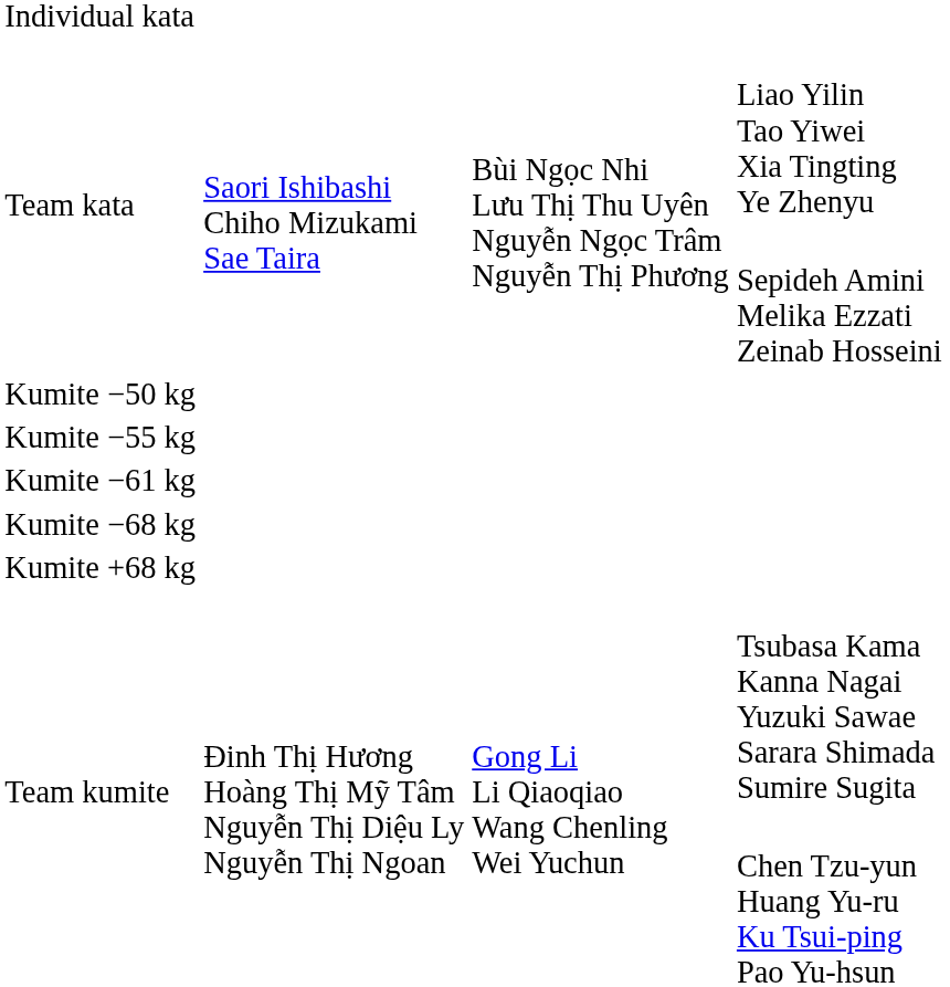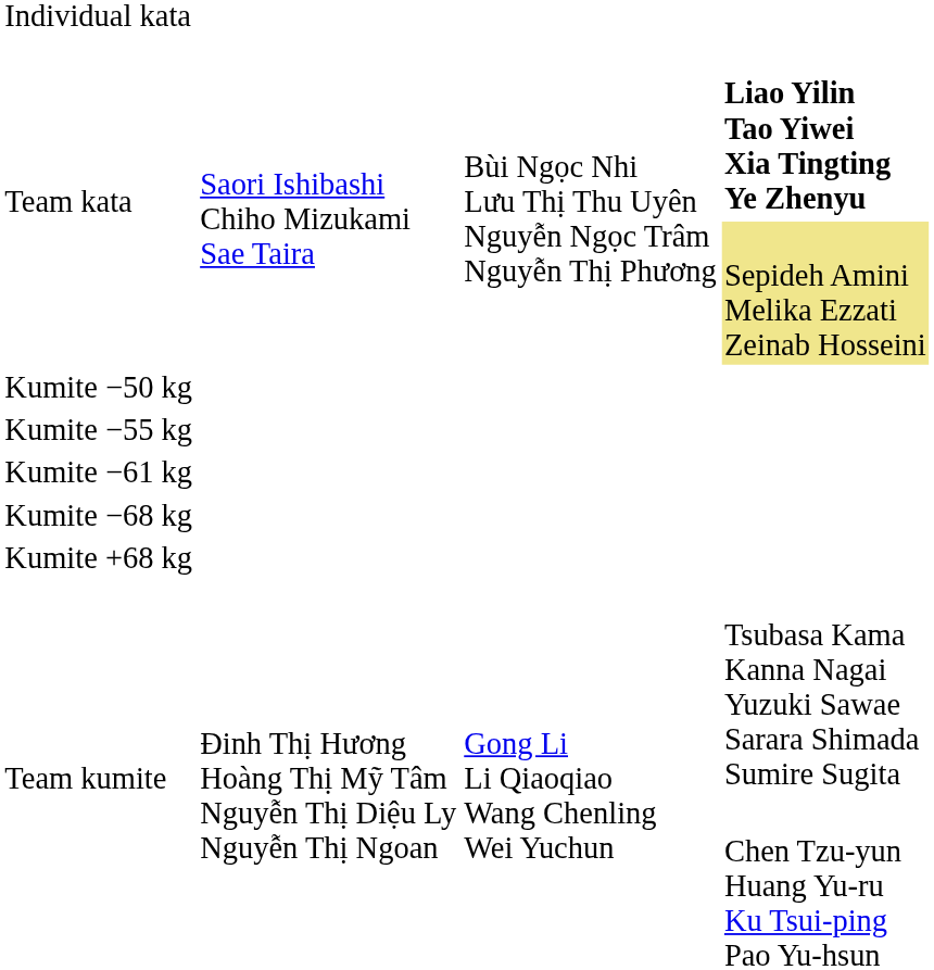 <table>
 <tr>
 <td rowspan=2>Individual kata</td>
 <td rowspan=2></td>
 <td rowspan=2></td>
 <td></td>
 </tr>
 <tr>
 <td></td>
 </tr>
 <tr>
 <td rowspan=2>Team kata</td>
 <td rowspan=2><br><a href='#'>Saori Ishibashi</a><br>Chiho Mizukami<br><a href='#'>Sae Taira</a></td>
 <td rowspan=2><br>Bùi Ngọc Nhi<br>Lưu Thị Thu Uyên<br>Nguyễn Ngọc Trâm<br>Nguyễn Thị Phương</td>
-<td><br>Liao Yilin<br>Tao Yiwei<br>Xia Tingting<br>Ye Zhenyu</td>
+<td><strong><br>Liao Yilin<br>Tao Yiwei<br>Xia Tingting<br>Ye Zhenyu</strong></td>
 </tr>
 <tr>
-<td><br>Sepideh Amini<br>Melika Ezzati<br>Zeinab Hosseini</td>
+<td style="background: khaki;"><br>Sepideh Amini<br>Melika Ezzati<br>Zeinab Hosseini</td>
 </tr>
 <tr>
 <td rowspan=2>Kumite −50 kg</td>
 <td rowspan=2></td>
 <td rowspan=2></td>
 <td></td>
 </tr>
 <tr>
 <td></td>
 </tr>
 <tr>
 <td rowspan=2>Kumite −55 kg</td>
 <td rowspan=2></td>
 <td rowspan=2></td>
 <td></td>
 </tr>
 <tr>
 <td></td>
 </tr>
 <tr>
 <td rowspan=2>Kumite −61 kg</td>
 <td rowspan=2></td>
 <td rowspan=2></td>
 <td></td>
 </tr>
 <tr>
 <td></td>
 </tr>
 <tr>
 <td rowspan=2>Kumite −68 kg</td>
 <td rowspan=2></td>
 <td rowspan=2></td>
 <td></td>
 </tr>
 <tr>
 <td></td>
 </tr>
 <tr>
 <td rowspan=2>Kumite +68 kg</td>
 <td rowspan=2></td>
 <td rowspan=2></td>
 <td></td>
 </tr>
 <tr>
 <td></td>
 </tr>
 <tr>
 <td rowspan=2>Team kumite</td>
 <td rowspan=2><br>Đinh Thị Hương<br>Hoàng Thị Mỹ Tâm<br>Nguyễn Thị Diệu Ly<br>Nguyễn Thị Ngoan</td>
 <td rowspan=2><br><a href='#'>Gong Li</a><br>Li Qiaoqiao<br>Wang Chenling<br>Wei Yuchun</td>
 <td><br>Tsubasa Kama<br>Kanna Nagai<br>Yuzuki Sawae<br>Sarara Shimada<br>Sumire Sugita</td>
 </tr>
 <tr>
 <td><br>Chen Tzu-yun<br>Huang Yu-ru<br><a href='#'>Ku Tsui-ping</a><br>Pao Yu-hsun</td>
 </tr>
 </table>
